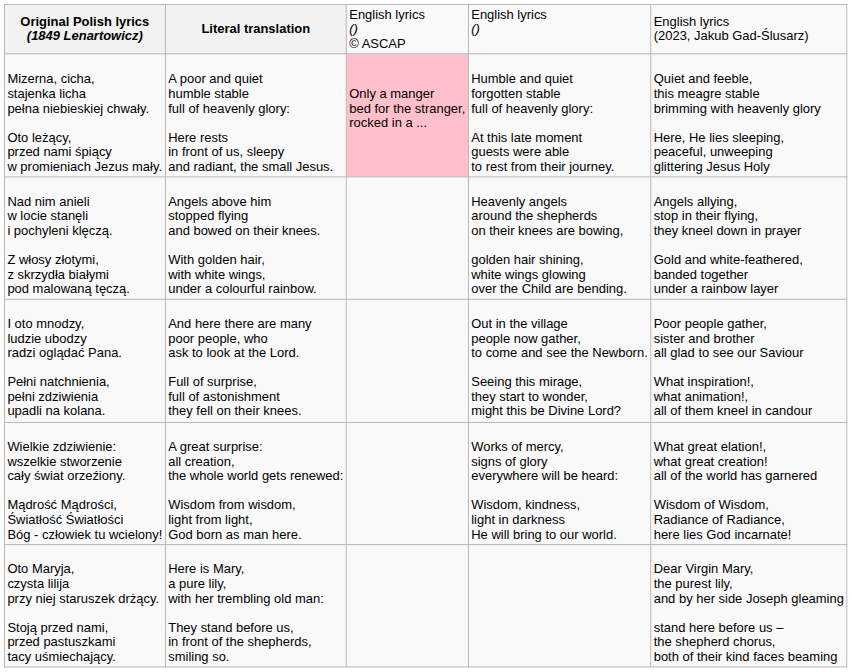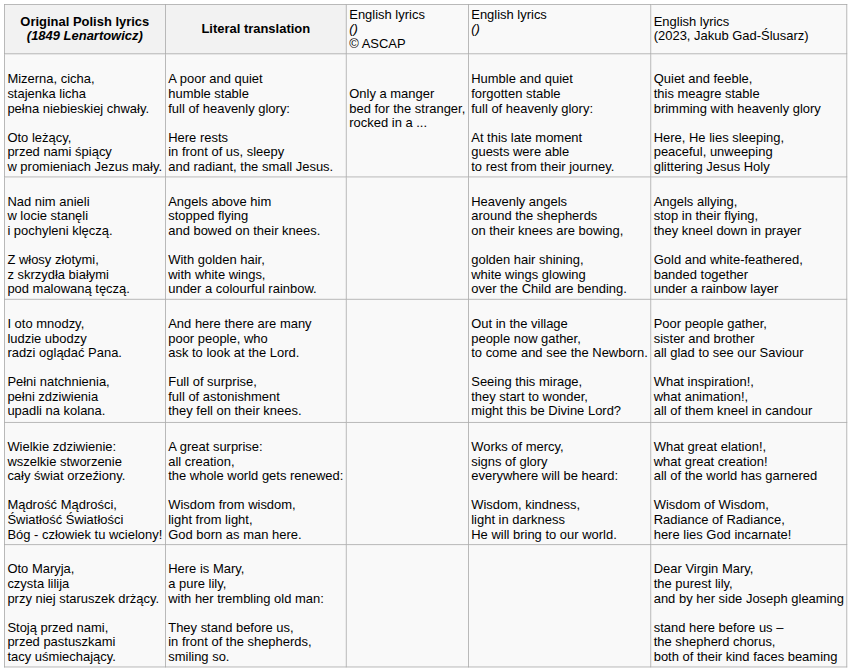 <table class="wikitable">
 <tr>
 <th>Original Polish lyrics<br><em>(1849 Lenartowicz)</em></th>
 <th>Literal translation</th>
 <td>English lyrics<br><em>()</em><br>© ASCAP<br></td>
 <td>English lyrics<br><em>()</em><br><br></td>
 <td>English lyrics<br>(2023, Jakub Gad-Ślusarz)</td>
 </tr>
 <tr>
 <td><br>Mizerna, cicha,<br> stajenka licha<br> pełna niebieskiej chwały.<br> <br> Oto leżący,<br> przed nami śpiący<br> w promieniach Jezus mały.<br></td>
 <td><br>A poor and quiet<br> humble stable<br> full of heavenly glory:<br> <br> Here rests<br> in front of us, sleepy<br> and radiant, the small Jesus.<br></td>
-<td style="background: pink;"><br>Only a manger<br> bed for the stranger,<br> rocked in a ...<br><br> <br></td>
+<td><br>Only a manger<br> bed for the stranger,<br> rocked in a ...<br><br> <br></td>
 <td><br>Humble and quiet<br> forgotten stable<br> full of heavenly glory:<br> <br> At this late moment<br> guests were able<br> to rest from their journey.<br></td>
 <td><br>Quiet and feeble,<br>  this meagre stable<br> brimming with heavenly glory<br> <br> Here, He lies sleeping,<br>  peaceful, unweeping<br> glittering Jesus Holy<br></td>
 </tr>
 <tr>
 <td><br>Nad nim anieli<br> w locie stanęli<br> i pochyleni klęczą.<br> <br> Z włosy złotymi,<br> z skrzydła białymi<br> pod malowaną tęczą.<br></td>
 <td><br>Angels above him<br> stopped flying<br> and bowed on their knees.<br> <br> With golden hair,<br> with white wings,<br> under a colourful rainbow.<br></td>
 <td></td>
 <td><br>Heavenly angels<br> around the shepherds<br> on their knees are bowing,<br> <br> golden hair shining,<br> white wings glowing<br> over the Child are bending.<br></td>
 <td><br>Angels allying,<br> stop in their flying,<br> they kneel down in prayer<br> <br> Gold and white-feathered,<br>  banded together<br> under a rainbow layer<br></td>
 </tr>
 <tr>
 <td><br>I oto mnodzy,<br> ludzie ubodzy<br> radzi oglądać Pana.<br> <br> Pełni natchnienia,<br> pełni zdziwienia<br> upadli na kolana.<br></td>
 <td><br>And here there are many<br> poor people, who<br> ask to look at the Lord.<br> <br> Full of surprise,<br> full of astonishment<br> they fell on their knees.<br></td>
 <td></td>
 <td><br>Out in the village<br> people now gather,<br> to come and see the Newborn.<br> <br> Seeing this mirage,<br> they start to wonder,<br> might this be Divine Lord?<br></td>
 <td><br>Poor people gather,<br>  sister and brother<br> all glad to see our Saviour<br> <br> What inspiration!,<br>  what animation!,<br> all of them kneel in candour<br></td>
 </tr>
 <tr>
 <td><br>Wielkie zdziwienie:<br> wszelkie stworzenie<br> cały świat orzeźiony.<br> <br> Mądrość Mądrości,<br> Światłość Światłości<br> Bóg - człowiek tu wcielony!<br></td>
 <td><br>A great surprise:<br> all creation,<br> the whole world gets renewed:<br> <br> Wisdom from wisdom,<br> light from light,<br> God born as man here.<br></td>
 <td></td>
 <td><br>Works of mercy,<br> signs of glory<br> everywhere will be heard:<br> <br> Wisdom, kindness,<br> light in darkness<br> He will bring to our world.<br></td>
 <td><br>What great elation!,<br>  what great creation!<br> all of the world has garnered<br> <br> Wisdom of Wisdom,<br>  Radiance of Radiance,<br>  here lies God incarnate!<br></td>
 </tr>
 <tr>
 <td><br>Oto Maryja,<br> czysta lilija<br> przy niej staruszek drżący.<br> <br> Stoją przed nami,<br> przed pastuszkami<br> tacy uśmiechający.<br></td>
 <td><br>Here is Mary,<br> a pure lily,<br> with her trembling old man:<br> <br> They stand before us,<br> in front of the shepherds,<br> smiling so.<br></td>
 <td></td>
 <td></td>
 <td><br>Dear Virgin Mary,<br>  the purest lily,<br> and by her side Joseph gleaming<br> <br> stand here before us –<br>  the shepherd chorus,<br> both of their kind faces beaming<br></td>
 </tr>
 </table>
